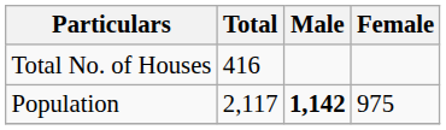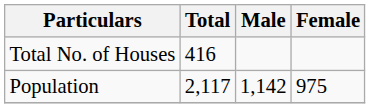 <table class="wikitable sortable">
 <tr>
 <th>Particulars</th>
 <th>Total</th>
 <th>Male</th>
 <th>Female</th>
 </tr>
 <tr>
 <td>Total No. of Houses</td>
 <td>416</td>
 <td></td>
 <td></td>
 </tr>
 <tr>
 <td>Population</td>
 <td>2,117</td>
-<td><strong>1,142</strong></td>
+<td>1,142</td>
 <td>975</td>
 </tr>
 <tr>
 </tr>
 </table>
